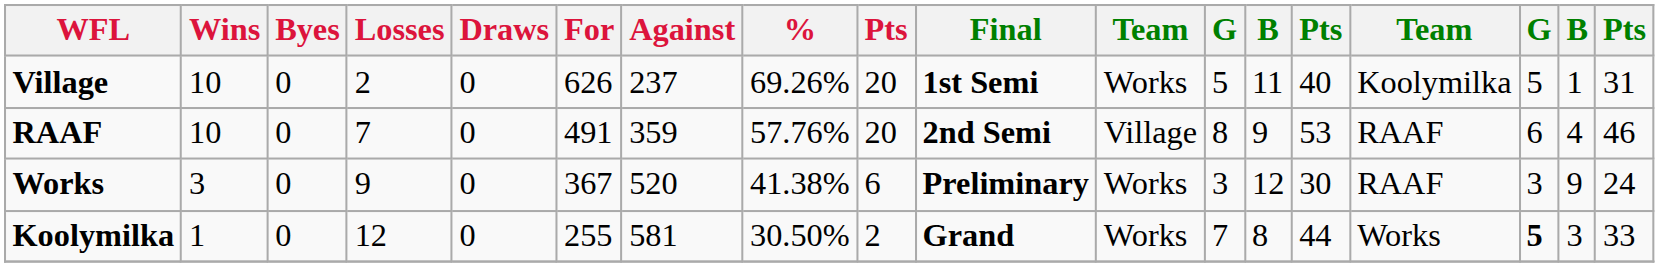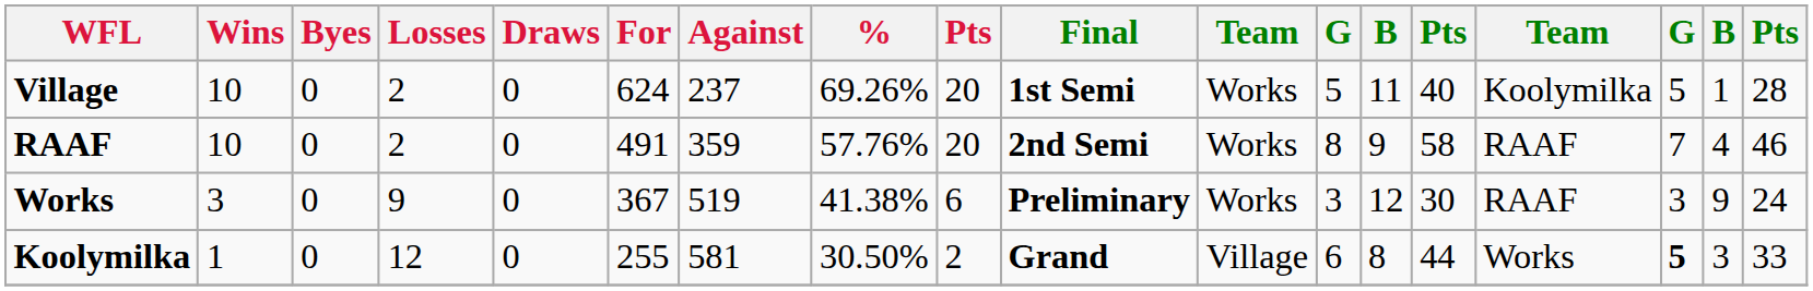 <table class="wikitable">
 <tr>
 <th style="color:crimson">WFL</th>
 <th style="color:crimson">Wins</th>
 <th style="color:crimson">Byes</th>
 <th style="color:crimson">Losses</th>
 <th style="color:crimson">Draws</th>
 <th style="color:crimson">For</th>
 <th style="color:crimson">Against</th>
 <th style="color:crimson">%</th>
 <th style="color:crimson">Pts</th>
 <th style="color:green">Final</th>
 <th style="color:green">Team</th>
 <th style="color:green">G</th>
 <th style="color:green">B</th>
 <th style="color:green">Pts</th>
 <th style="color:green">Team</th>
 <th style="color:green">G</th>
 <th style="color:green">B</th>
 <th style="color:green">Pts</th>
 </tr>
 <tr>
 <td><strong>	Village	</strong></td>
 <td>10</td>
 <td>0</td>
 <td>2</td>
 <td>0</td>
-<td>626</td>
+<td>624</td>
 <td>237</td>
 <td>69.26%</td>
 <td>20</td>
 <td><strong>1st Semi</strong></td>
 <td>Works</td>
 <td>5</td>
 <td>11</td>
 <td>40</td>
 <td>Koolymilka</td>
 <td>5</td>
 <td>1</td>
-<td>31</td>
+<td>28</td>
 </tr>
 <tr>
 <td><strong>	RAAF	</strong></td>
 <td>10</td>
 <td>0</td>
-<td>7</td>
+<td>2</td>
 <td>0</td>
 <td>491</td>
 <td>359</td>
 <td>57.76%</td>
 <td>20</td>
 <td><strong>2nd Semi</strong></td>
-<td>Village</td>
+<td>Works</td>
 <td>8</td>
 <td>9</td>
-<td>53</td>
+<td>58</td>
 <td>RAAF</td>
-<td>6</td>
+<td>7</td>
 <td>4</td>
 <td>46</td>
 </tr>
 <tr>
 <td><strong>	Works	</strong></td>
 <td>3</td>
 <td>0</td>
 <td>9</td>
 <td>0</td>
 <td>367</td>
-<td>520</td>
+<td>519</td>
 <td>41.38%</td>
 <td>6</td>
 <td><strong>Preliminary</strong></td>
 <td>Works</td>
 <td>3</td>
 <td>12</td>
 <td>30</td>
 <td>RAAF</td>
 <td>3</td>
 <td>9</td>
 <td>24</td>
 </tr>
 <tr>
 <td><strong>	Koolymilka	</strong></td>
 <td>1</td>
 <td>0</td>
 <td>12</td>
 <td>0</td>
 <td>255</td>
 <td>581</td>
 <td>30.50%</td>
 <td>2</td>
 <td><strong>Grand</strong></td>
-<td>Works</td>
-<td>7</td>
+<td>Village</td>
+<td>6</td>
 <td>8</td>
 <td>44</td>
 <td>Works</td>
 <td><strong>5</strong></td>
 <td>3</td>
 <td>33</td>
 </tr>
 <tr>
 </tr>
 </table>
